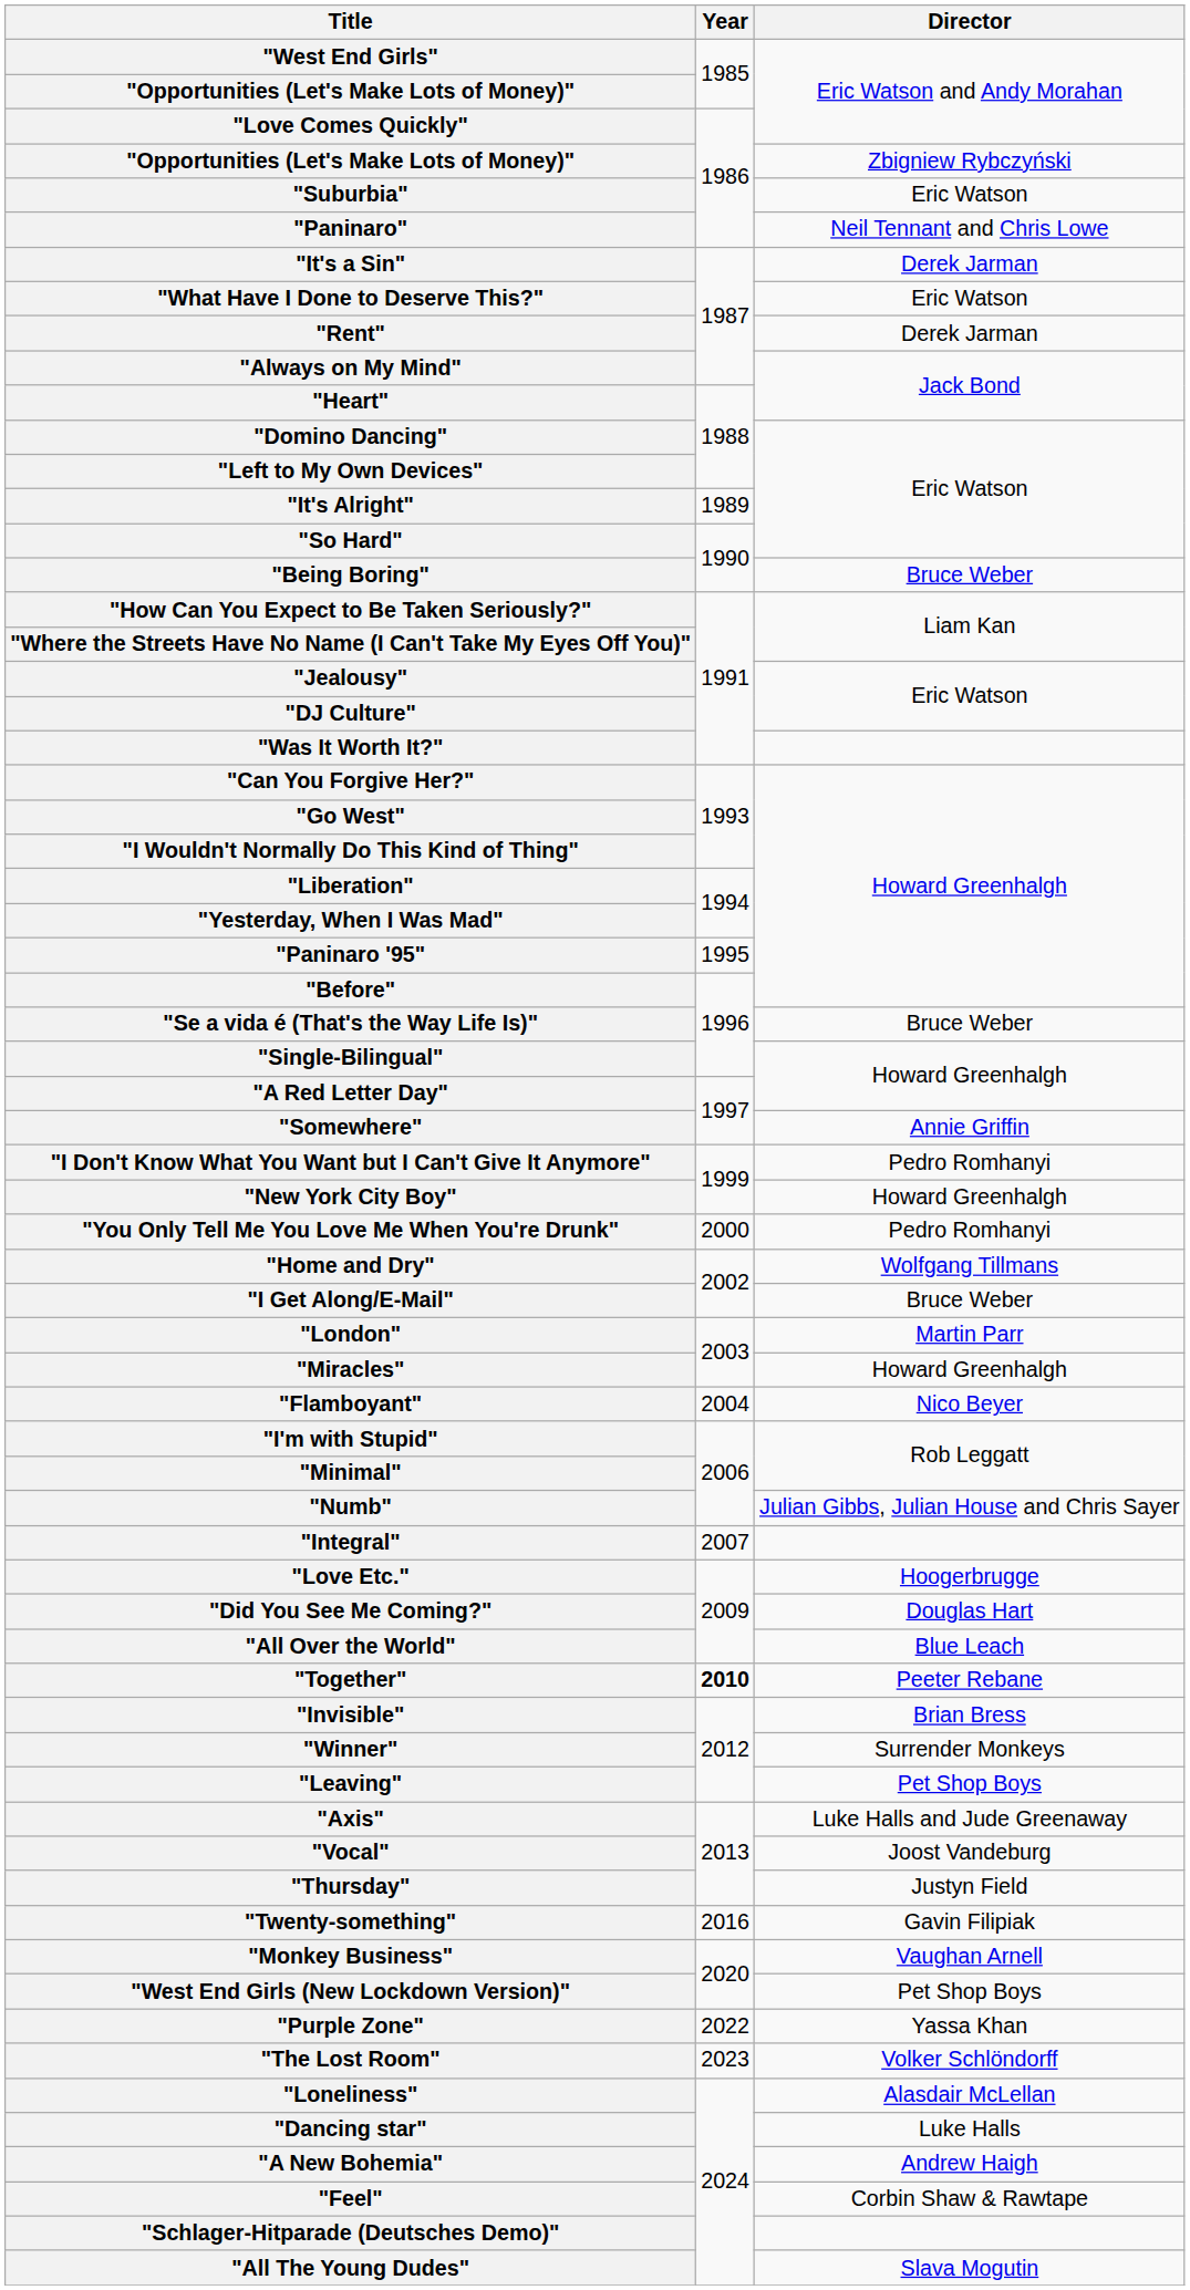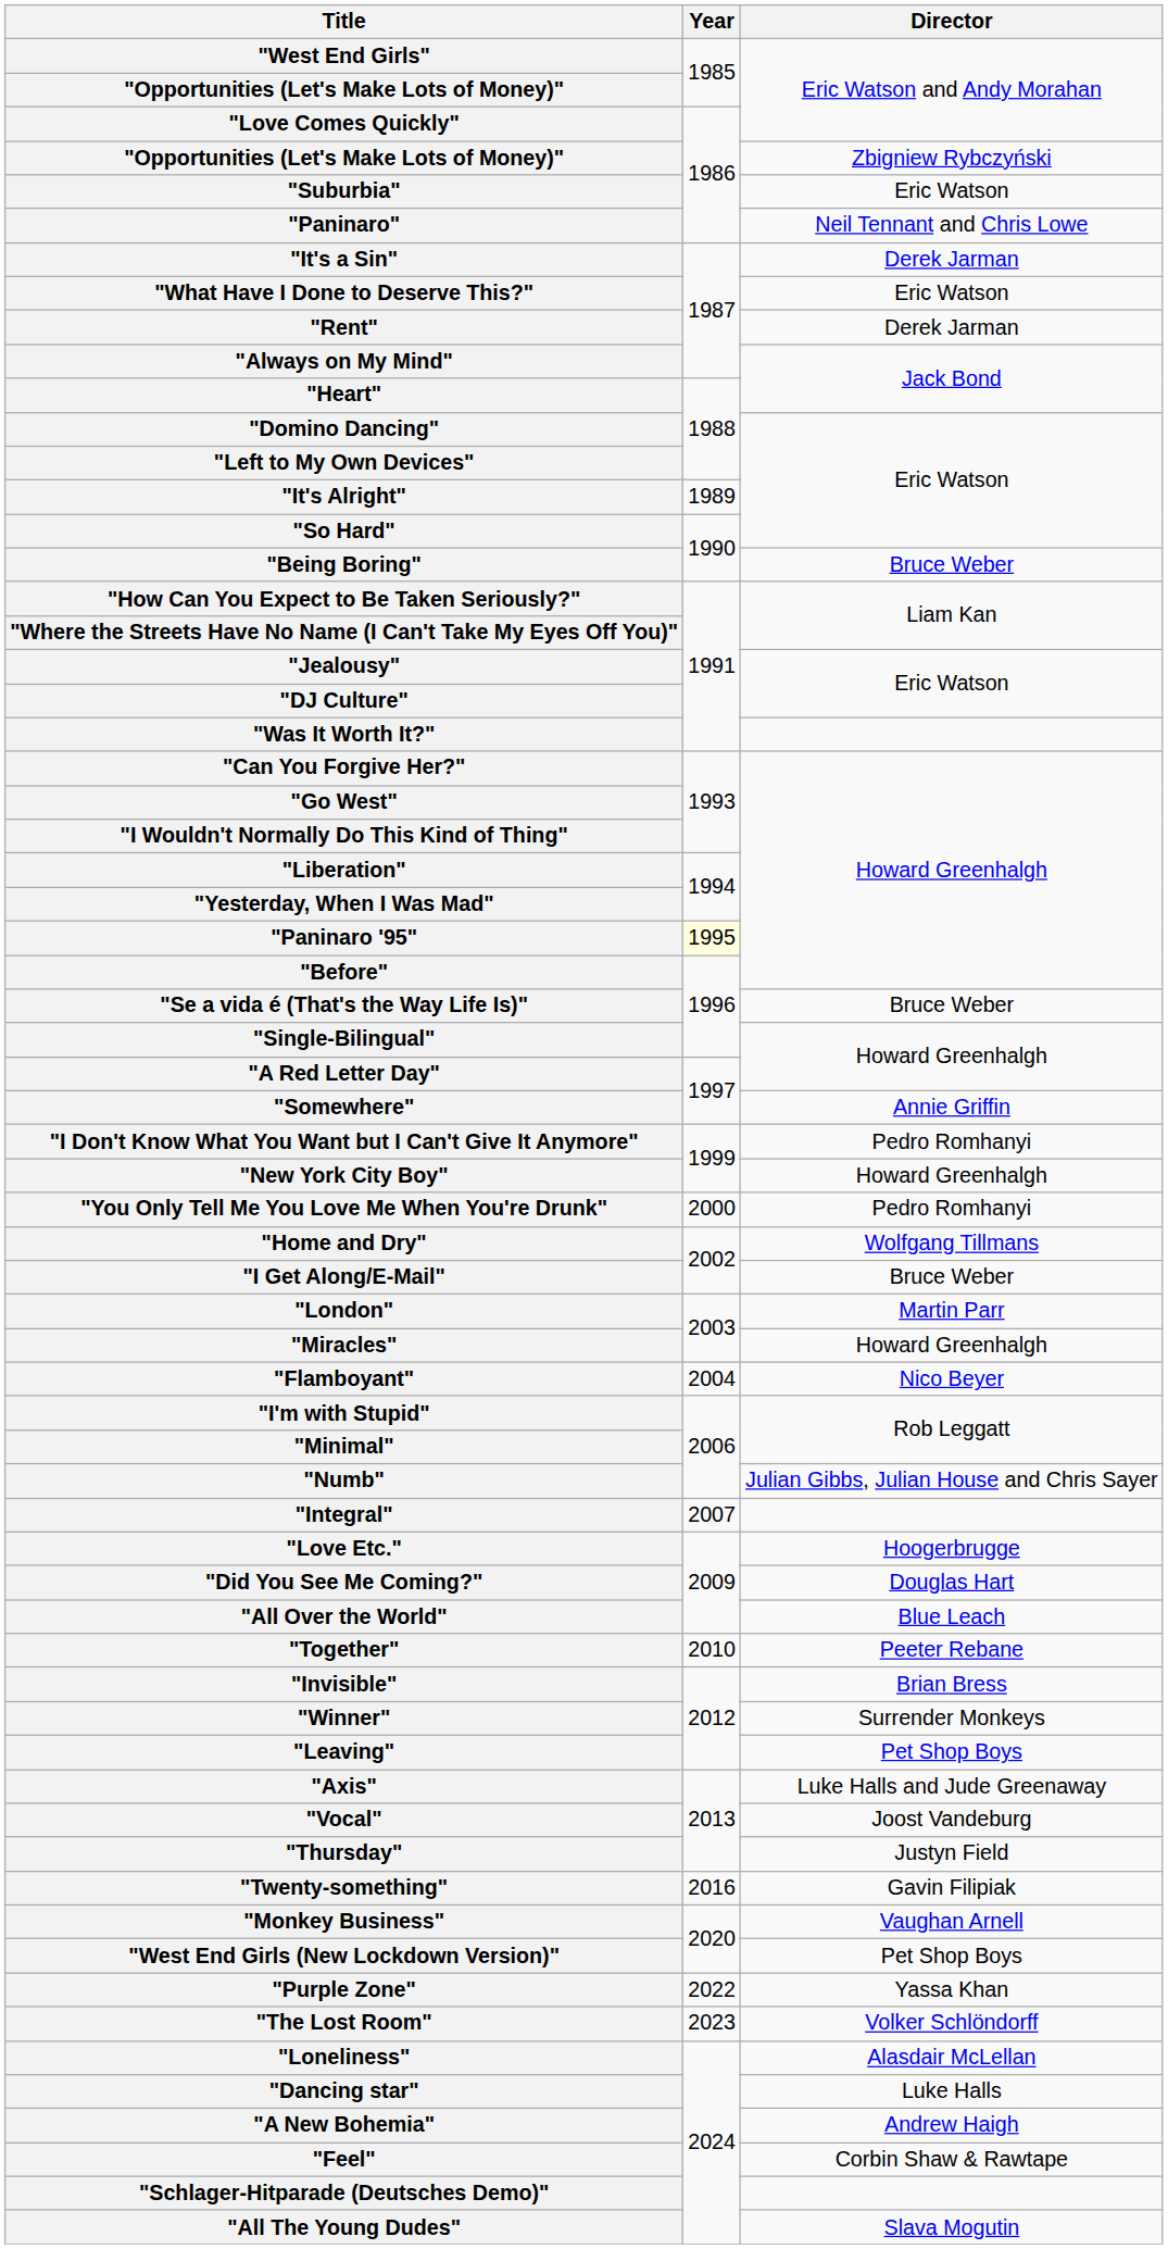 <table class="wikitable plainrowheaders" style="text-align:center;">
 <tr>
 <th scope="col">Title</th>
 <th scope="col">Year</th>
 <th scope="col">Director</th>
 </tr>
 <tr>
 <th scope="row">"West End Girls"</th>
 <td rowspan="2">1985</td>
 <td rowspan="3"><a href='#'>Eric Watson</a> and <a href='#'>Andy Morahan</a></td>
 </tr>
 <tr>
 <th scope="row">"Opportunities (Let's Make Lots of Money)" </th>
 </tr>
 <tr>
 <th scope="row">"Love Comes Quickly"</th>
 <td rowspan="4">1986</td>
 </tr>
 <tr>
 <th scope="row">"Opportunities (Let's Make Lots of Money)" </th>
 <td><a href='#'>Zbigniew Rybczyński</a></td>
 </tr>
 <tr>
 <th scope="row">"Suburbia"</th>
 <td>Eric Watson</td>
 </tr>
 <tr>
 <th scope="row">"Paninaro"</th>
 <td><a href='#'>Neil Tennant</a> and <a href='#'>Chris Lowe</a></td>
 </tr>
 <tr>
 <th scope="row">"It's a Sin"</th>
 <td rowspan="4">1987</td>
 <td><a href='#'>Derek Jarman</a></td>
 </tr>
 <tr>
 <th scope="row">"What Have I Done to Deserve This?" </th>
 <td>Eric Watson</td>
 </tr>
 <tr>
 <th scope="row">"Rent"</th>
 <td>Derek Jarman</td>
 </tr>
 <tr>
 <th scope="row">"Always on My Mind"</th>
 <td rowspan="2"><a href='#'>Jack Bond</a></td>
 </tr>
 <tr>
 <th scope="row">"Heart"</th>
 <td rowspan="3">1988</td>
 </tr>
 <tr>
 <th scope="row">"Domino Dancing"</th>
 <td rowspan="4">Eric Watson</td>
 </tr>
 <tr>
 <th scope="row">"Left to My Own Devices"</th>
 </tr>
 <tr>
 <th scope="row">"It's Alright"</th>
 <td>1989</td>
 </tr>
 <tr>
 <th scope="row">"So Hard"</th>
 <td rowspan="2">1990</td>
 </tr>
 <tr>
 <th scope="row">"Being Boring"</th>
 <td><a href='#'>Bruce Weber</a></td>
 </tr>
 <tr>
 <th scope="row">"How Can You Expect to Be Taken Seriously?"</th>
 <td rowspan="5">1991</td>
 <td rowspan="2">Liam Kan</td>
 </tr>
 <tr>
 <th scope="row">"Where the Streets Have No Name (I Can't Take My Eyes Off You)"</th>
 </tr>
 <tr>
 <th scope="row">"Jealousy"</th>
 <td rowspan="2">Eric Watson</td>
 </tr>
 <tr>
 <th scope="row">"DJ Culture"</th>
 </tr>
 <tr>
 <th scope="row">"Was It Worth It?"</th>
 <td></td>
 </tr>
 <tr>
 <th scope="row">"Can You Forgive Her?"</th>
 <td rowspan="3">1993</td>
 <td rowspan="7"><a href='#'>Howard Greenhalgh</a></td>
 </tr>
 <tr>
 <th scope="row">"Go West"</th>
 </tr>
 <tr>
 <th scope="row">"I Wouldn't Normally Do This Kind of Thing"</th>
 </tr>
 <tr>
 <th scope="row">"Liberation"</th>
 <td rowspan="2">1994</td>
 </tr>
 <tr>
 <th scope="row">"Yesterday, When I Was Mad"</th>
 </tr>
 <tr>
 <th scope="row">"Paninaro '95"</th>
-<td>1995</td>
+<td style="background: lightyellow;">1995</td>
 </tr>
 <tr>
 <th scope="row">"Before"</th>
 <td rowspan="3">1996</td>
 </tr>
 <tr>
 <th scope="row">"Se a vida é (That's the Way Life Is)"</th>
 <td>Bruce Weber</td>
 </tr>
 <tr>
 <th scope="row">"Single-Bilingual"</th>
 <td rowspan="2">Howard Greenhalgh</td>
 </tr>
 <tr>
 <th scope="row">"A Red Letter Day"</th>
 <td rowspan="2">1997</td>
 </tr>
 <tr>
 <th scope="row">"Somewhere"</th>
 <td><a href='#'>Annie Griffin</a></td>
 </tr>
 <tr>
 <th scope="row">"I Don't Know What You Want but I Can't Give It Anymore"</th>
 <td rowspan="2">1999</td>
 <td>Pedro Romhanyi</td>
 </tr>
 <tr>
 <th scope="row">"New York City Boy"</th>
 <td>Howard Greenhalgh</td>
 </tr>
 <tr>
 <th scope="row">"You Only Tell Me You Love Me When You're Drunk"</th>
 <td>2000</td>
 <td>Pedro Romhanyi</td>
 </tr>
 <tr>
 <th scope="row">"Home and Dry"</th>
 <td rowspan="2">2002</td>
 <td><a href='#'>Wolfgang Tillmans</a></td>
 </tr>
 <tr>
 <th scope="row">"I Get Along/E-Mail"</th>
 <td>Bruce Weber</td>
 </tr>
 <tr>
 <th scope="row">"London"</th>
 <td rowspan="2">2003</td>
 <td><a href='#'>Martin Parr</a></td>
 </tr>
 <tr>
 <th scope="row">"Miracles"</th>
 <td>Howard Greenhalgh</td>
 </tr>
 <tr>
 <th scope="row">"Flamboyant"</th>
 <td>2004</td>
 <td><a href='#'>Nico Beyer</a></td>
 </tr>
 <tr>
 <th scope="row">"I'm with Stupid"</th>
 <td rowspan="3">2006</td>
 <td rowspan="2">Rob Leggatt</td>
 </tr>
 <tr>
 <th scope="row">"Minimal"</th>
 </tr>
 <tr>
 <th scope="row">"Numb"</th>
 <td><a href='#'>Julian Gibbs</a>, <a href='#'>Julian House</a> and Chris Sayer</td>
 </tr>
 <tr>
 <th scope="row">"Integral"</th>
 <td>2007</td>
 <td></td>
 </tr>
 <tr>
 <th scope="row">"Love Etc."</th>
 <td rowspan="3">2009</td>
 <td><a href='#'>Hoogerbrugge</a></td>
 </tr>
 <tr>
 <th scope="row">"Did You See Me Coming?"</th>
 <td><a href='#'>Douglas Hart</a></td>
 </tr>
 <tr>
 <th scope="row">"All Over the World"</th>
 <td><a href='#'>Blue Leach</a></td>
 </tr>
 <tr>
 <th scope="row">"Together"</th>
-<td><strong>2010</strong></td>
+<td>2010</td>
 <td><a href='#'>Peeter Rebane</a></td>
 </tr>
 <tr>
 <th scope="row">"Invisible"</th>
 <td rowspan="3">2012</td>
 <td><a href='#'>Brian Bress</a></td>
 </tr>
 <tr>
 <th scope="row">"Winner"</th>
 <td>Surrender Monkeys</td>
 </tr>
 <tr>
 <th scope="row">"Leaving"</th>
 <td><a href='#'>Pet Shop Boys</a></td>
 </tr>
 <tr>
 <th scope="row">"Axis"</th>
 <td rowspan="3">2013</td>
 <td>Luke Halls and Jude Greenaway</td>
 </tr>
 <tr>
 <th scope="row">"Vocal"</th>
 <td>Joost Vandeburg</td>
 </tr>
 <tr>
 <th scope="row">"Thursday" </th>
 <td>Justyn Field</td>
 </tr>
 <tr>
 <th scope="row">"Twenty-something"</th>
 <td>2016</td>
 <td>Gavin Filipiak</td>
 </tr>
 <tr>
 <th scope="row">"Monkey Business"</th>
 <td rowspan="2">2020</td>
 <td><a href='#'>Vaughan Arnell</a></td>
 </tr>
 <tr>
 <th scope="row">"West End Girls (New Lockdown Version)"</th>
 <td>Pet Shop Boys</td>
 </tr>
 <tr>
 <th scope="row">"Purple Zone" </th>
 <td>2022</td>
 <td>Yassa Khan</td>
 </tr>
 <tr>
 <th scope="row">"The Lost Room" </th>
 <td>2023</td>
 <td><a href='#'>Volker Schlöndorff</a></td>
 </tr>
 <tr>
 <th scope="row">"Loneliness"</th>
 <td rowspan="6">2024</td>
 <td><a href='#'>Alasdair McLellan</a></td>
 </tr>
 <tr>
 <th scope="row">"Dancing star"</th>
 <td>Luke Halls</td>
 </tr>
 <tr>
 <th scope="row">"A New Bohemia"</th>
 <td><a href='#'>Andrew Haigh</a></td>
 </tr>
 <tr>
 <th scope="row">"Feel"</th>
 <td>Corbin Shaw & Rawtape</td>
 </tr>
 <tr>
 <th scope="row">"Schlager-Hitparade (Deutsches Demo)"</th>
 </tr>
 <tr>
 <th scope="row">"All The Young Dudes"</th>
 <td><a href='#'>Slava Mogutin</a></td>
 </tr>
 </table>
